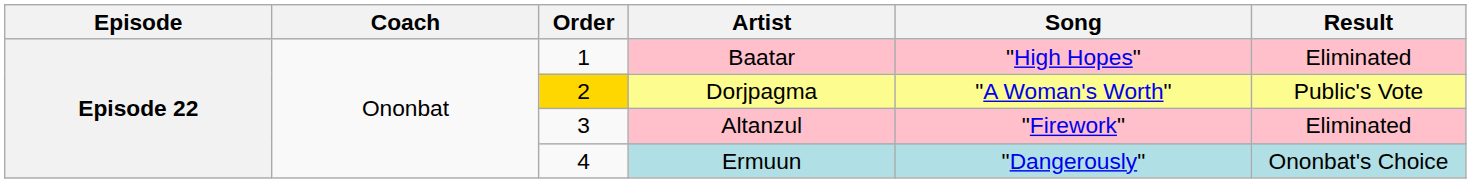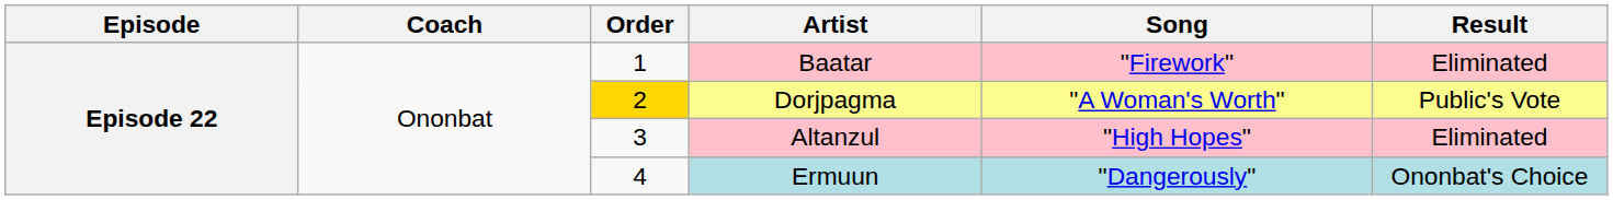 <table class="wikitable" style="text-align:center; line-height:17px; width:65%;">
 <tr>
 <th width="15%">Episode</th>
 <th width="15%">Coach</th>
 <th width="05%">Order</th>
 <th width="15%">Artist</th>
 <th width="20%">Song</th>
 <th width="12%">Result</th>
 </tr>
 <tr>
 <th rowspan="4">Episode 22<br><small></small></th>
 <td rowspan="4">Ononbat</td>
 <td>1</td>
 <td style="background:pink;">Baatar</td>
-<td style="background:pink;">"<a href='#'>High Hopes</a>"</td>
+<td style="background:pink;">"<a href='#'>Firework</a>"</td>
 <td style="background:pink;">Eliminated</td>
 </tr>
 <tr>
 <td style="background: gold;">2</td>
 <td style="background:#fdfc8f;">Dorjpagma</td>
 <td style="background:#fdfc8f;">"<a href='#'>A Woman's Worth</a>"</td>
 <td style="background:#fdfc8f;">Public's Vote</td>
 </tr>
 <tr>
 <td>3</td>
 <td style="background:pink;">Altanzul</td>
-<td style="background:pink;">"<a href='#'>Firework</a>"</td>
+<td style="background:pink;">"<a href='#'>High Hopes</a>"</td>
 <td style="background:pink;">Eliminated</td>
 </tr>
 <tr>
 <td>4</td>
 <td style="background:#B0E0E6;">Ermuun</td>
 <td style="background:#B0E0E6;">"<a href='#'>Dangerously</a>"</td>
 <td style="background:#B0E0E6;">Ononbat's Choice</td>
 </tr>
 </table>
